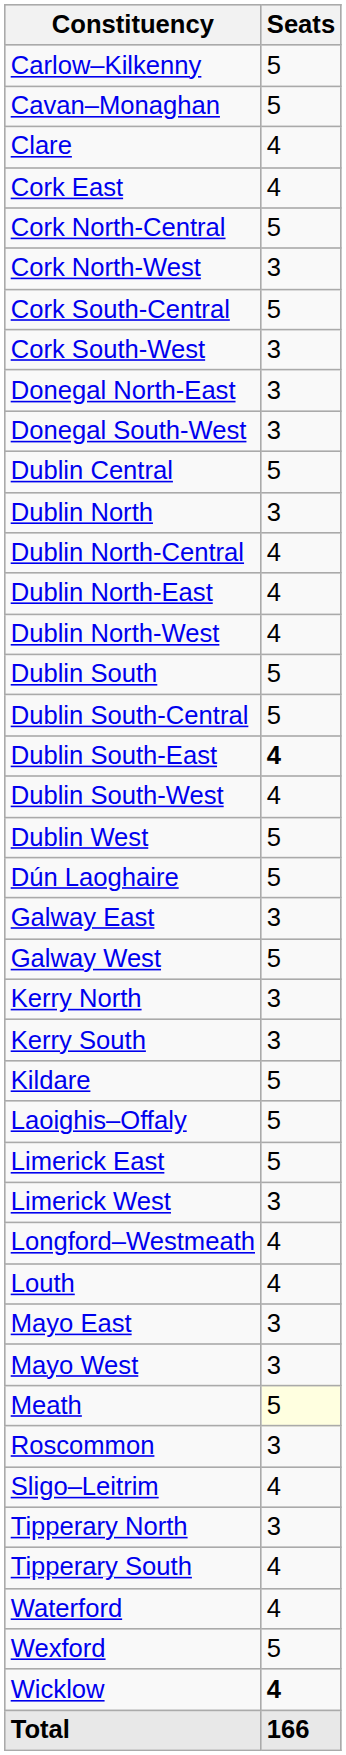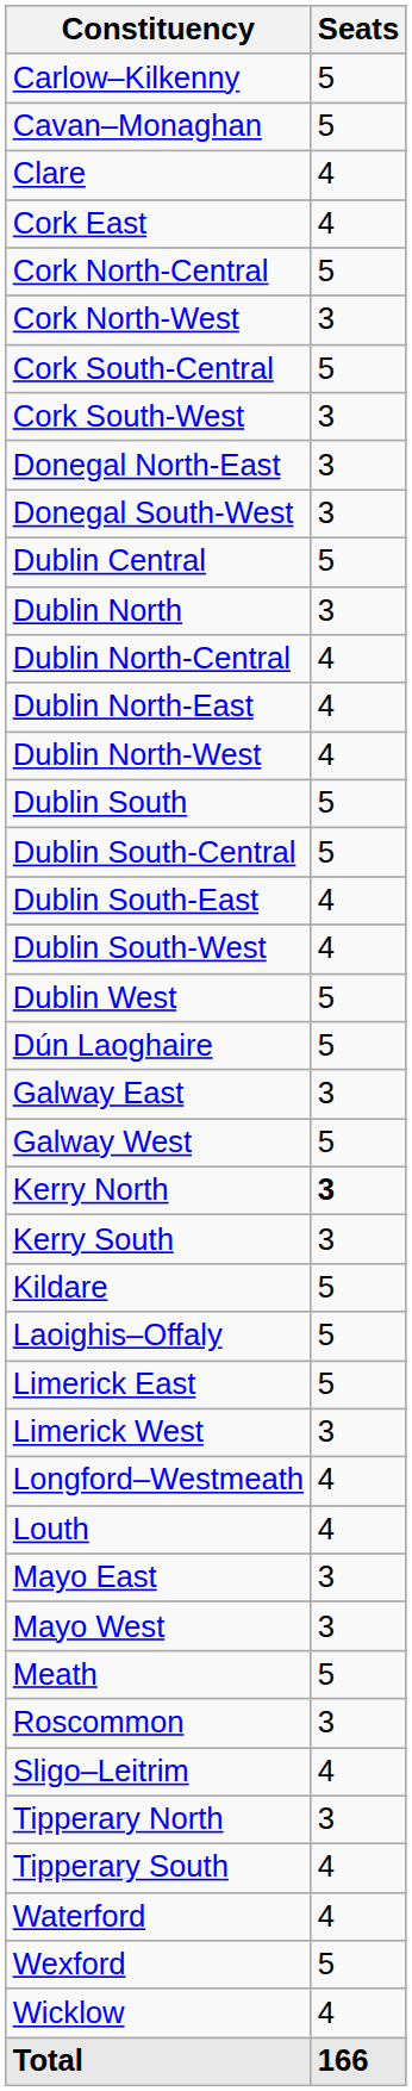 <table class="wikitable">
 <tr>
 <th>Constituency</th>
 <th>Seats</th>
 </tr>
 <tr>
 <td><a href='#'>Carlow–Kilkenny</a></td>
 <td>5</td>
 </tr>
 <tr>
 <td><a href='#'>Cavan–Monaghan</a></td>
 <td>5</td>
 </tr>
 <tr>
 <td><a href='#'>Clare</a></td>
 <td>4</td>
 </tr>
 <tr>
 <td><a href='#'>Cork East</a></td>
 <td>4</td>
 </tr>
 <tr>
 <td><a href='#'>Cork North-Central</a></td>
 <td>5</td>
 </tr>
 <tr>
 <td><a href='#'>Cork North-West</a></td>
 <td>3</td>
 </tr>
 <tr>
 <td><a href='#'>Cork South-Central</a></td>
 <td>5</td>
 </tr>
 <tr>
 <td><a href='#'>Cork South-West</a></td>
 <td>3</td>
 </tr>
 <tr>
 <td><a href='#'>Donegal North-East</a></td>
 <td>3</td>
 </tr>
 <tr>
 <td><a href='#'>Donegal South-West</a></td>
 <td>3</td>
 </tr>
 <tr>
 <td><a href='#'>Dublin Central</a></td>
 <td>5</td>
 </tr>
 <tr>
 <td><a href='#'>Dublin North</a></td>
 <td>3</td>
 </tr>
 <tr>
 <td><a href='#'>Dublin North-Central</a></td>
 <td>4</td>
 </tr>
 <tr>
 <td><a href='#'>Dublin North-East</a></td>
 <td>4</td>
 </tr>
 <tr>
 <td><a href='#'>Dublin North-West</a></td>
 <td>4</td>
 </tr>
 <tr>
 <td><a href='#'>Dublin South</a></td>
 <td>5</td>
 </tr>
 <tr>
 <td><a href='#'>Dublin South-Central</a></td>
 <td>5</td>
 </tr>
 <tr>
 <td><a href='#'>Dublin South-East</a></td>
-<td><strong>4</strong></td>
+<td>4</td>
 </tr>
 <tr>
 <td><a href='#'>Dublin South-West</a></td>
 <td>4</td>
 </tr>
 <tr>
 <td><a href='#'>Dublin West</a></td>
 <td>5</td>
 </tr>
 <tr>
 <td><a href='#'>Dún Laoghaire</a></td>
 <td>5</td>
 </tr>
 <tr>
 <td><a href='#'>Galway East</a></td>
 <td>3</td>
 </tr>
 <tr>
 <td><a href='#'>Galway West</a></td>
 <td>5</td>
 </tr>
 <tr>
 <td><a href='#'>Kerry North</a></td>
-<td>3</td>
+<td><strong>3</strong></td>
 </tr>
 <tr>
 <td><a href='#'>Kerry South</a></td>
 <td>3</td>
 </tr>
 <tr>
 <td><a href='#'>Kildare</a></td>
 <td>5</td>
 </tr>
 <tr>
 <td><a href='#'>Laoighis–Offaly</a></td>
 <td>5</td>
 </tr>
 <tr>
 <td><a href='#'>Limerick East</a></td>
 <td>5</td>
 </tr>
 <tr>
 <td><a href='#'>Limerick West</a></td>
 <td>3</td>
 </tr>
 <tr>
 <td><a href='#'>Longford–Westmeath</a></td>
 <td>4</td>
 </tr>
 <tr>
 <td><a href='#'>Louth</a></td>
 <td>4</td>
 </tr>
 <tr>
 <td><a href='#'>Mayo East</a></td>
 <td>3</td>
 </tr>
 <tr>
 <td><a href='#'>Mayo West</a></td>
 <td>3</td>
 </tr>
 <tr>
 <td><a href='#'>Meath</a></td>
-<td style="background: lightyellow;">5</td>
+<td>5</td>
 </tr>
 <tr>
 <td><a href='#'>Roscommon</a></td>
 <td>3</td>
 </tr>
 <tr>
 <td><a href='#'>Sligo–Leitrim</a></td>
 <td>4</td>
 </tr>
 <tr>
 <td><a href='#'>Tipperary North</a></td>
 <td>3</td>
 </tr>
 <tr>
 <td><a href='#'>Tipperary South</a></td>
 <td>4</td>
 </tr>
 <tr>
 <td><a href='#'>Waterford</a></td>
 <td>4</td>
 </tr>
 <tr>
 <td><a href='#'>Wexford</a></td>
 <td>5</td>
 </tr>
 <tr>
 <td><a href='#'>Wicklow</a></td>
-<td><strong>4</strong></td>
+<td>4</td>
 </tr>
 <tr style="font-weight:bold; background:rgb(232,232,232);">
 <td>Total</td>
 <td>166</td>
 </tr>
 </table>
